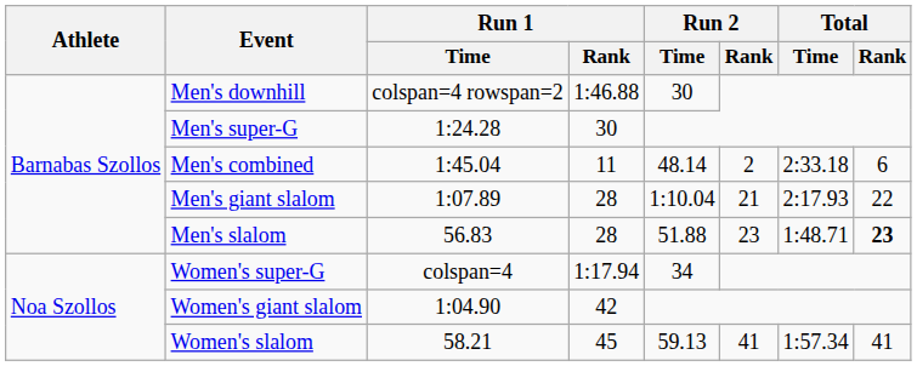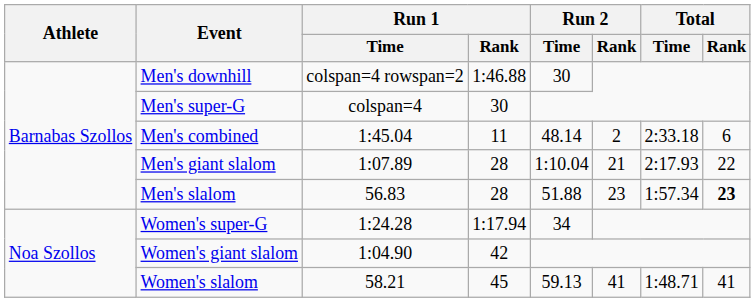 <table class=wikitable style=font-size:90%;text-align:center>
 <tr>
 <th rowspan=2>Athlete</th>
 <th rowspan=2>Event</th>
 <th colspan=2>Run 1</th>
 <th colspan=2>Run 2</th>
 <th colspan=2>Total</th>
 </tr>
 <tr style=font-size:95%>
 <th>Time</th>
 <th>Rank</th>
 <th>Time</th>
 <th>Rank</th>
 <th>Time</th>
 <th>Rank</th>
 </tr>
 <tr>
 <td align=left rowspan=5><a href='#'>Barnabas Szollos</a></td>
 <td align=left><a href='#'>Men's downhill</a></td>
 <td>colspan=4 rowspan=2 </td>
 <td>1:46.88</td>
 <td>30</td>
 </tr>
 <tr>
 <td align=left><a href='#'>Men's super-G</a></td>
-<td>1:24.28</td>
+<td>colspan=4 </td>
 <td>30</td>
 </tr>
 <tr>
 <td align=left><a href='#'>Men's combined</a></td>
 <td>1:45.04</td>
 <td>11</td>
 <td>48.14</td>
 <td>2</td>
 <td>2:33.18</td>
 <td>6</td>
 </tr>
 <tr>
 <td align=left><a href='#'>Men's giant slalom</a></td>
 <td>1:07.89</td>
 <td>28</td>
 <td>1:10.04</td>
 <td>21</td>
 <td>2:17.93</td>
 <td>22</td>
 </tr>
 <tr>
 <td align=left><a href='#'>Men's slalom</a></td>
 <td>56.83</td>
 <td>28</td>
 <td>51.88</td>
 <td>23</td>
-<td>1:48.71</td>
+<td>1:57.34</td>
 <td><strong>23</strong></td>
 </tr>
 <tr>
 <td align=left rowspan=3><a href='#'>Noa Szollos</a></td>
 <td align=left><a href='#'>Women's super-G</a></td>
-<td>colspan=4 </td>
+<td>1:24.28</td>
 <td>1:17.94</td>
 <td>34</td>
 </tr>
 <tr>
 <td align=left><a href='#'>Women's giant slalom</a></td>
 <td>1:04.90</td>
 <td>42</td>
 <td colspan=4></td>
 </tr>
 <tr>
 <td align=left><a href='#'>Women's slalom</a></td>
 <td>58.21</td>
 <td>45</td>
 <td>59.13</td>
 <td>41</td>
-<td>1:57.34</td>
+<td>1:48.71</td>
 <td>41</td>
 </tr>
 </table>
